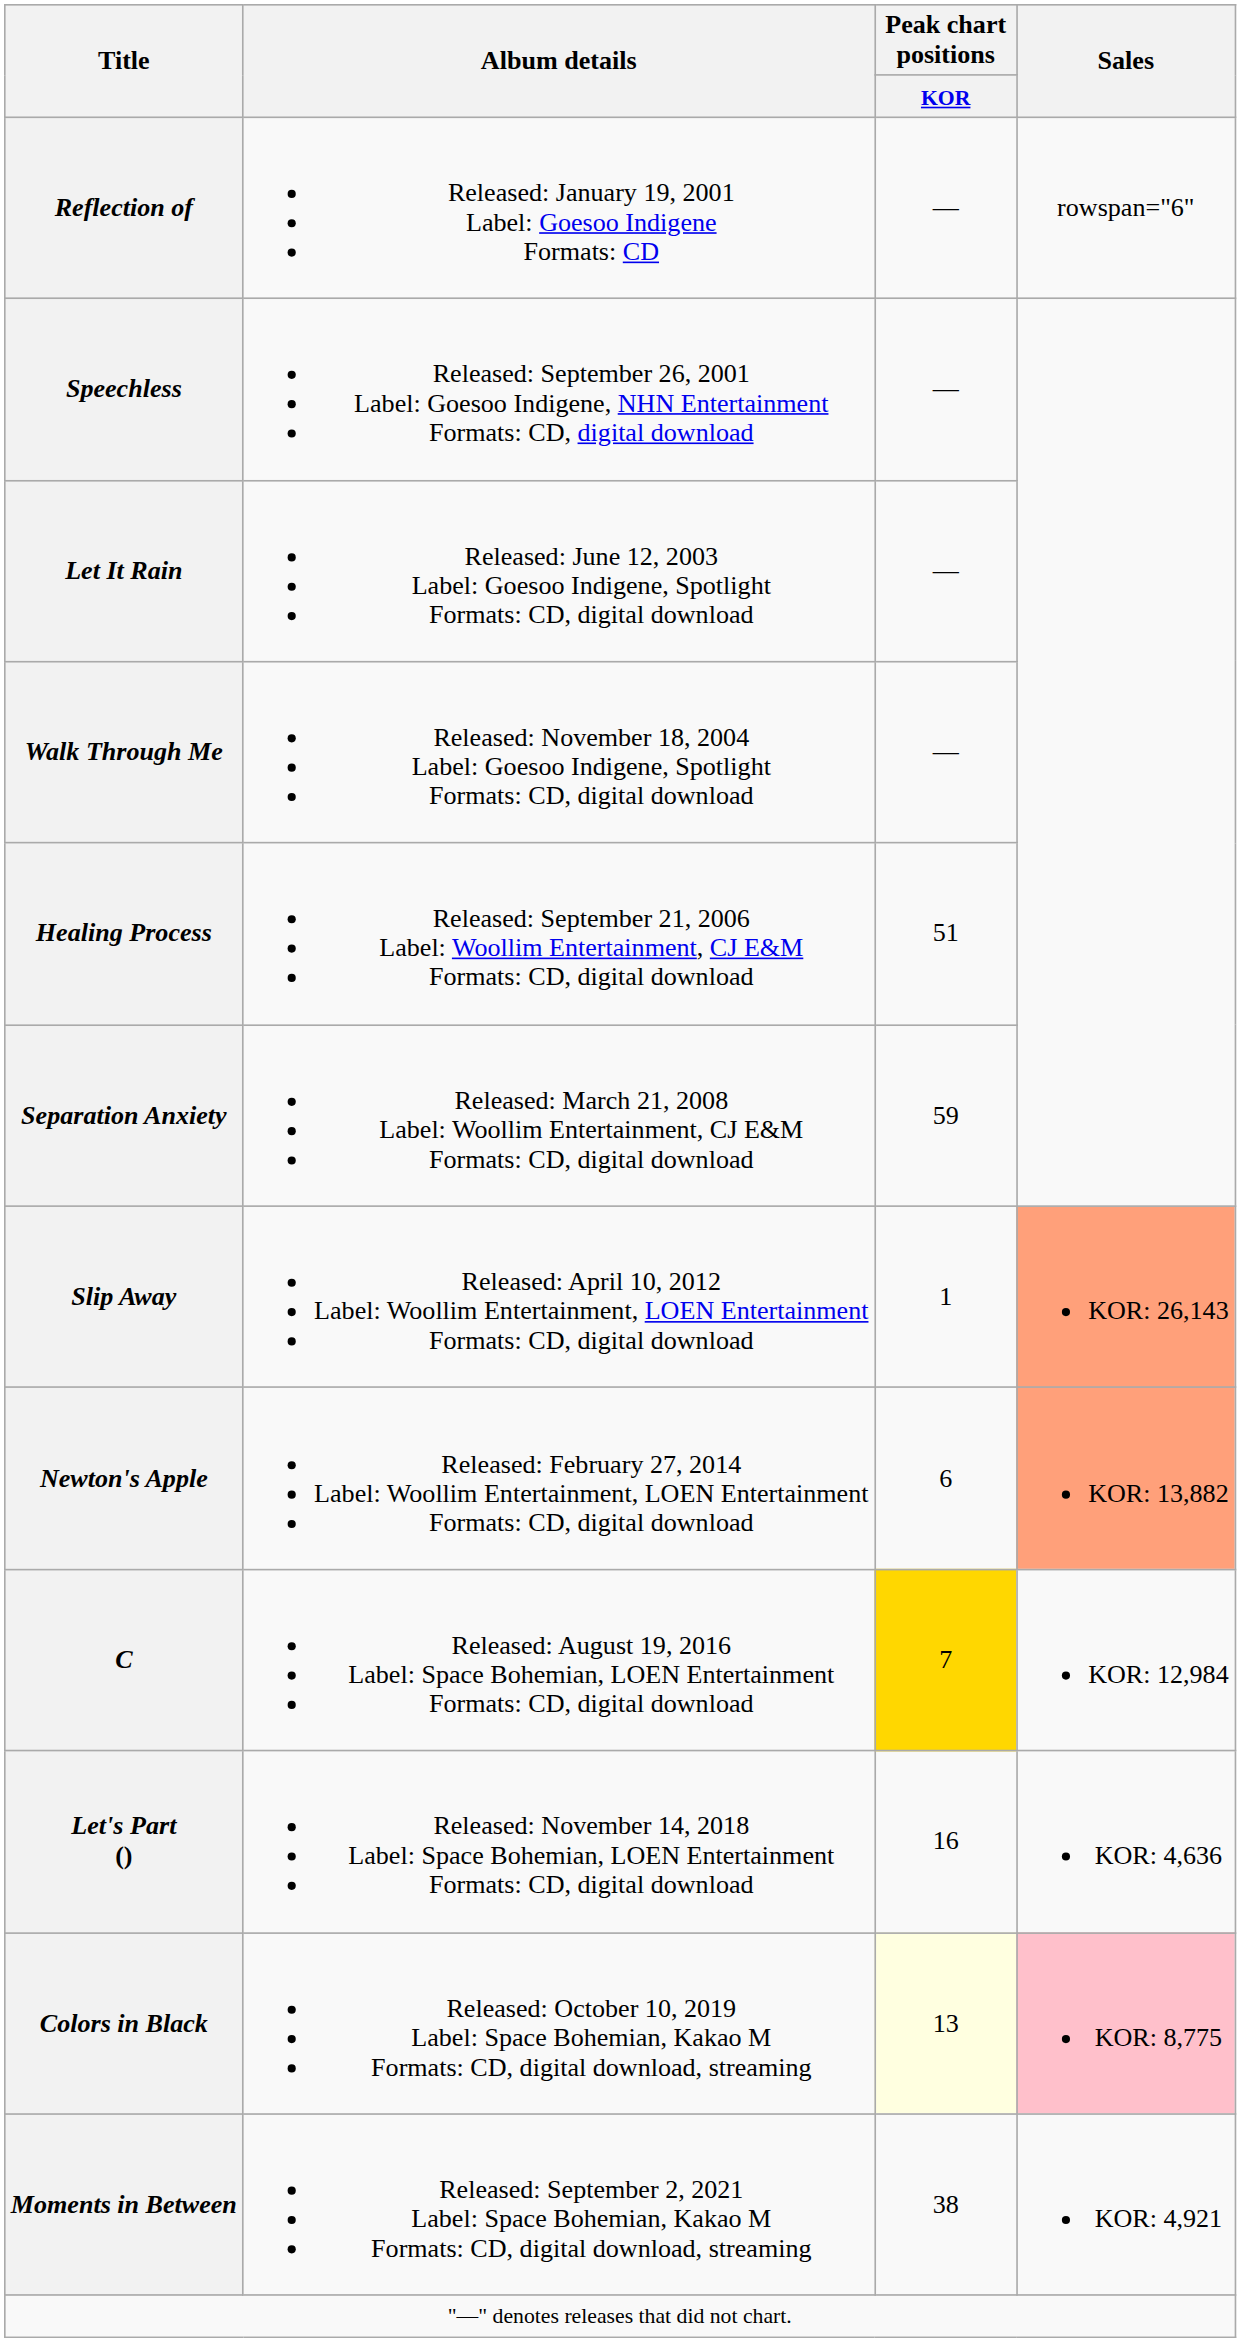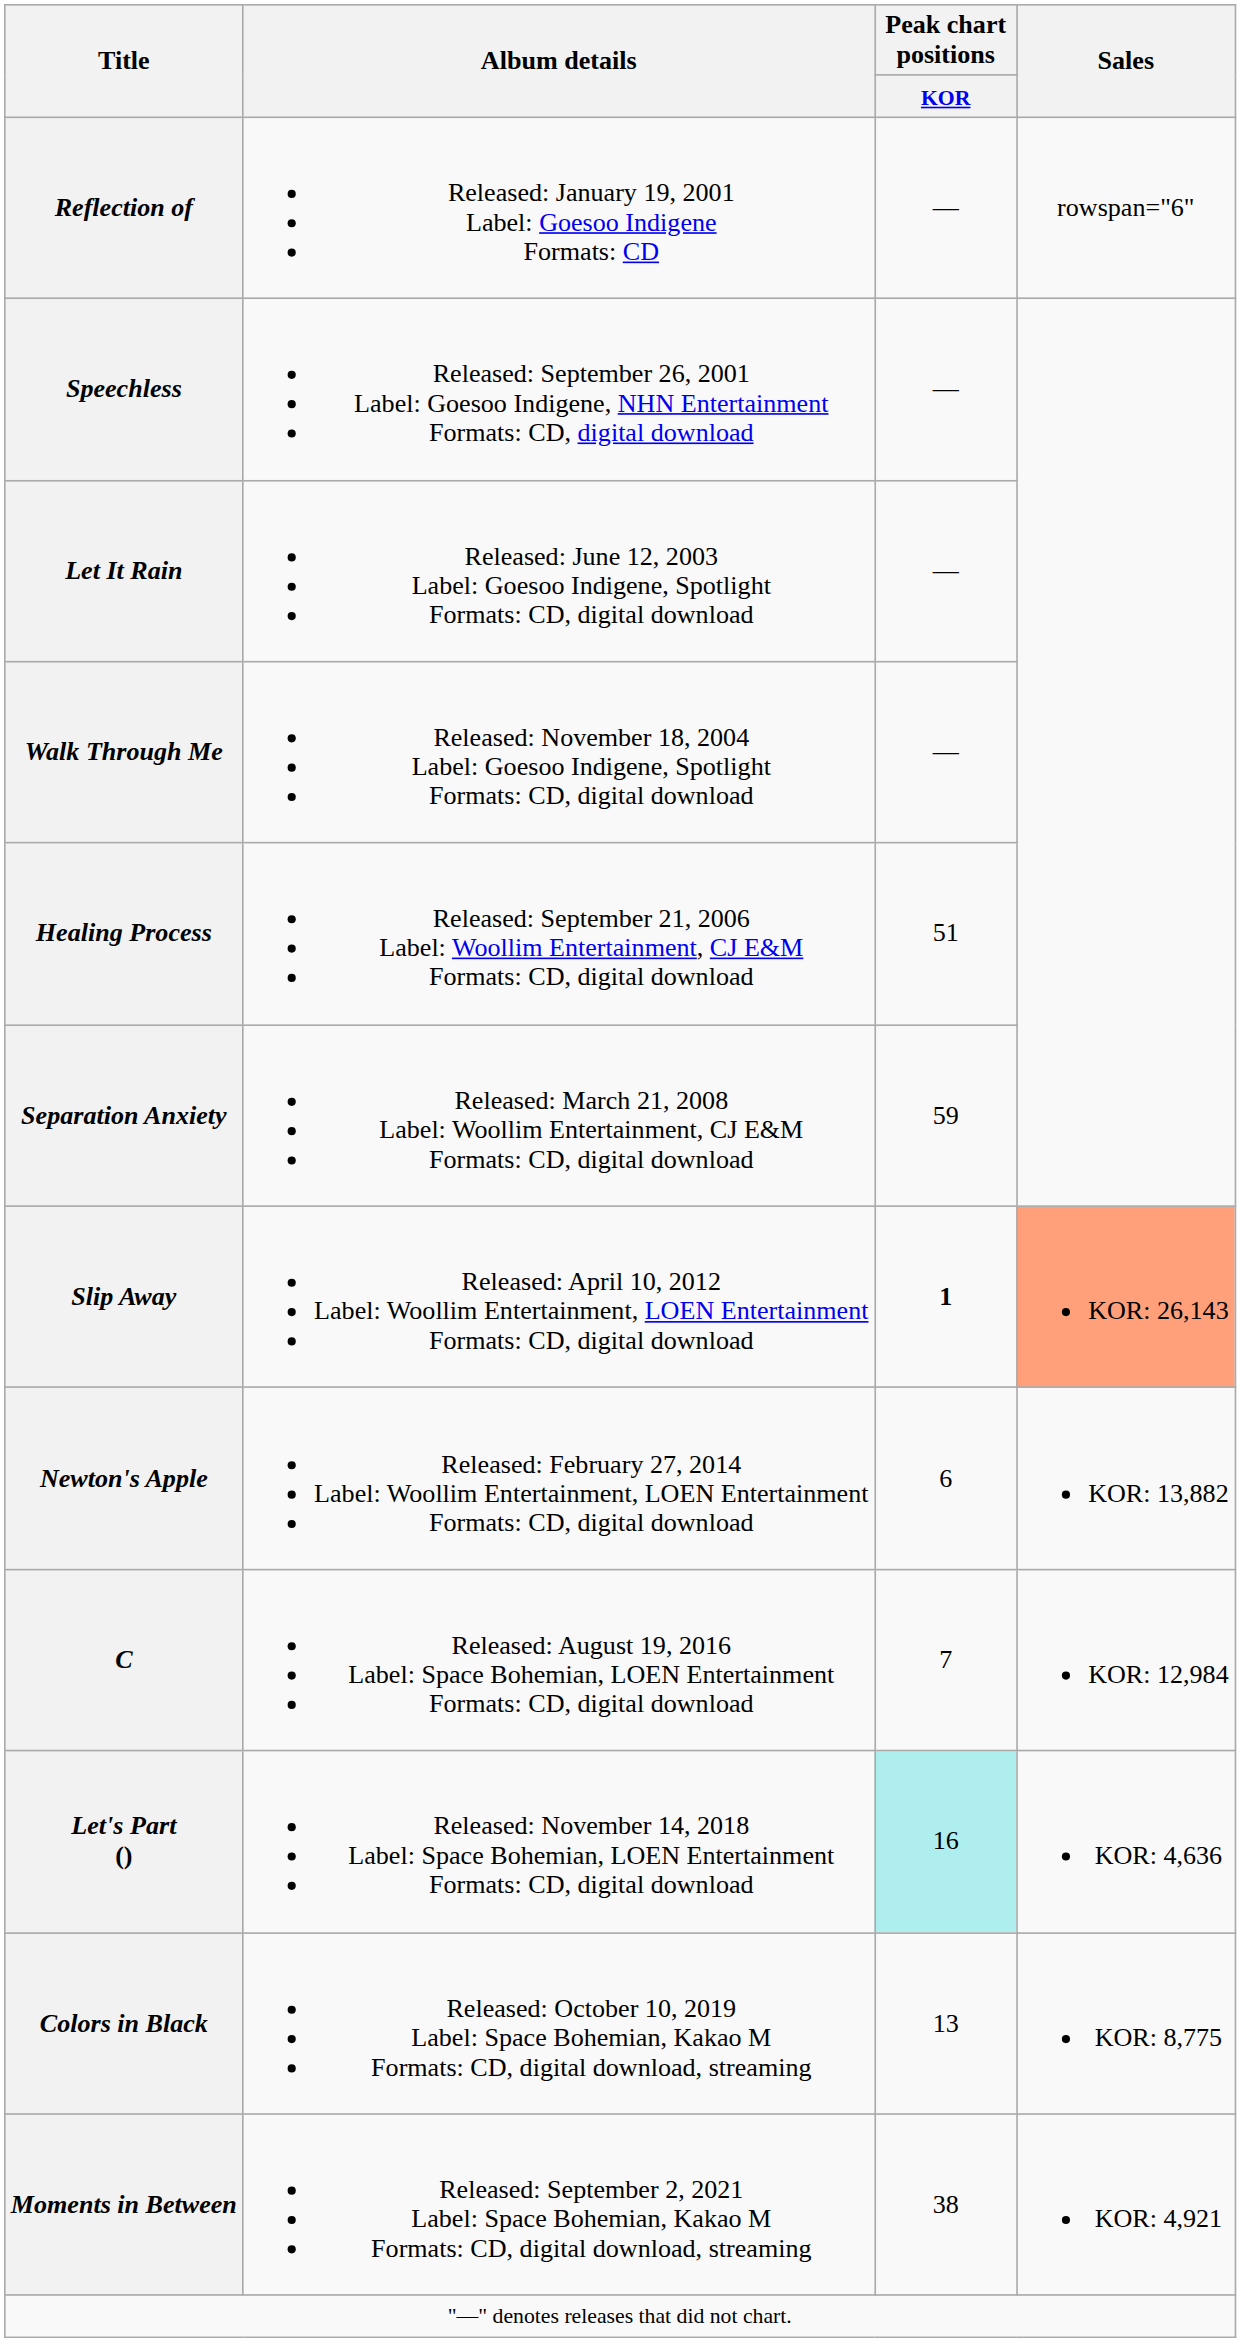 <table class="wikitable plainrowheaders" style="text-align:center;">
 <tr>
 <th scope="col" rowspan="2">Title</th>
 <th scope="col" rowspan="2">Album details</th>
 <th scope="col" colspan="1" style="width:5em;">Peak chart positions</th>
 <th scope="col" rowspan="2">Sales</th>
 </tr>
 <tr>
 <th><small><a href='#'>KOR</a></small><br></th>
 </tr>
 <tr>
 <th scope="row"><em>Reflection of</em><br></th>
 <td><br><ul><li>Released: January 19, 2001</li><li>Label: <a href='#'>Goesoo Indigene</a></li><li>Formats: <a href='#'>CD</a></li></ul></td>
 <td>—</td>
 <td>rowspan="6" </td>
 </tr>
 <tr>
 <th scope="row"><em>Speechless</em><br></th>
 <td><br><ul><li>Released: September 26, 2001</li><li>Label: Goesoo Indigene, <a href='#'>NHN Entertainment</a></li><li>Formats: CD, <a href='#'>digital download</a></li></ul></td>
 <td>—</td>
 </tr>
 <tr>
 <th scope="row"><em>Let It Rain</em></th>
 <td><br><ul><li>Released: June 12, 2003</li><li>Label: Goesoo Indigene, Spotlight</li><li>Formats: CD, digital download</li></ul></td>
 <td>—</td>
 </tr>
 <tr>
 <th scope="row"><em>Walk Through Me</em></th>
 <td><br><ul><li>Released: November 18, 2004</li><li>Label: Goesoo Indigene, Spotlight</li><li>Formats: CD, digital download</li></ul></td>
 <td>—</td>
 </tr>
 <tr>
 <th scope="row"><em>Healing Process</em></th>
 <td><br><ul><li>Released: September 21, 2006</li><li>Label: <a href='#'>Woollim Entertainment</a>, <a href='#'>CJ E&M</a></li><li>Formats: CD, digital download</li></ul></td>
 <td>51</td>
 </tr>
 <tr>
 <th scope="row"><em>Separation Anxiety</em></th>
 <td><br><ul><li>Released: March 21, 2008</li><li>Label: Woollim Entertainment, CJ E&M</li><li>Formats: CD, digital download</li></ul></td>
 <td>59</td>
 </tr>
 <tr>
 <th scope="row"><em>Slip Away</em></th>
 <td><br><ul><li>Released: April 10, 2012</li><li>Label: Woollim Entertainment, <a href='#'>LOEN Entertainment</a></li><li>Formats: CD, digital download</li></ul></td>
-<td>1</td>
+<td><strong>1</strong></td>
 <td style="background: lightsalmon;"><br><ul><li>KOR: 26,143</li></ul></td>
 </tr>
 <tr>
 <th scope="row"><em>Newton's Apple</em></th>
 <td><br><ul><li>Released: February 27, 2014</li><li>Label: Woollim Entertainment, LOEN Entertainment</li><li>Formats: CD, digital download</li></ul></td>
 <td>6</td>
-<td style="background: lightsalmon;"><br><ul><li>KOR: 13,882</li></ul></td>
+<td><br><ul><li>KOR: 13,882</li></ul></td>
 </tr>
 <tr>
 <th scope="row"><em>C</em></th>
 <td><br><ul><li>Released: August 19, 2016</li><li>Label: Space Bohemian, LOEN Entertainment</li><li>Formats: CD, digital download</li></ul></td>
-<td style="background: gold;">7</td>
+<td>7</td>
 <td><br><ul><li>KOR: 12,984</li></ul></td>
 </tr>
 <tr>
 <th scope="row"><em>Let's Part</em><br>()</th>
 <td><br><ul><li>Released: November 14, 2018</li><li>Label: Space Bohemian, LOEN Entertainment</li><li>Formats: CD, digital download</li></ul></td>
-<td>16</td>
+<td style="background: paleturquoise;">16</td>
 <td><br><ul><li>KOR: 4,636</li></ul></td>
 </tr>
 <tr>
 <th scope="row"><em>Colors in Black</em></th>
 <td><br><ul><li>Released: October 10, 2019</li><li>Label: Space Bohemian, Kakao M</li><li>Formats: CD, digital download, streaming</li></ul></td>
-<td style="background: lightyellow;">13</td>
-<td style="background: pink;"><br><ul><li>KOR: 8,775</li></ul></td>
+<td>13</td>
+<td><br><ul><li>KOR: 8,775</li></ul></td>
 </tr>
 <tr>
 <th scope="row"><em>Moments in Between</em></th>
 <td><br><ul><li>Released: September 2, 2021</li><li>Label: Space Bohemian, Kakao M</li><li>Formats: CD, digital download, streaming</li></ul></td>
 <td>38</td>
 <td><br><ul><li>KOR: 4,921</li></ul></td>
 </tr>
 <tr>
 <td colspan="5" align="center"><small>"—" denotes releases that did not chart.</small></td>
 </tr>
 </table>
